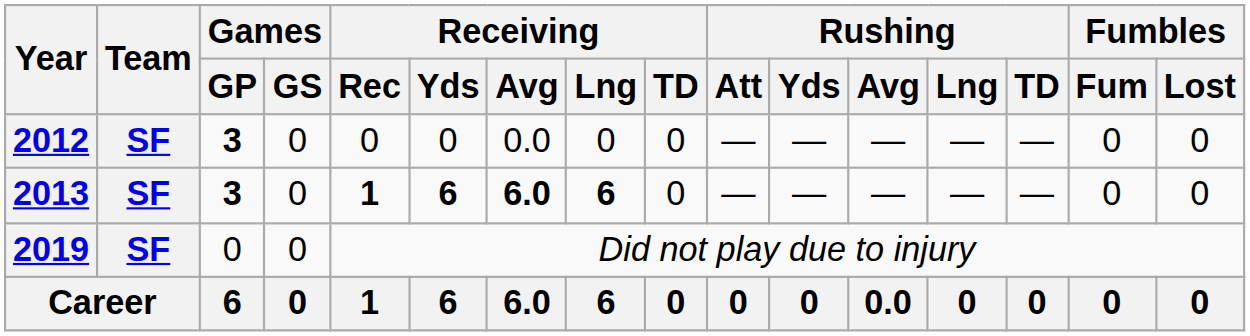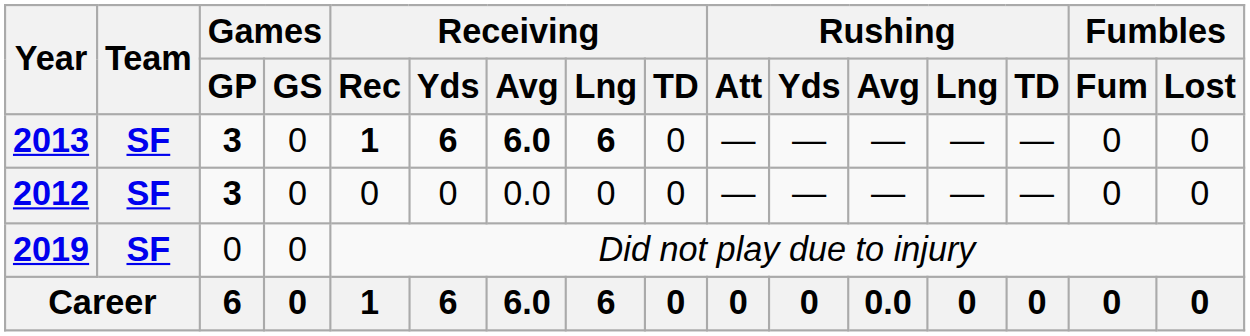 <table class="wikitable" style="text-align:center;">
 <tr>
 <th rowspan="2">Year</th>
 <th rowspan="2">Team</th>
 <th colspan="2">Games</th>
 <th colspan="5">Receiving</th>
 <th colspan="5">Rushing</th>
 <th colspan="2">Fumbles</th>
 </tr>
 <tr>
 <th>GP</th>
 <th>GS</th>
 <th>Rec</th>
 <th>Yds</th>
 <th>Avg</th>
 <th>Lng</th>
 <th>TD</th>
 <th>Att</th>
 <th>Yds</th>
 <th>Avg</th>
 <th>Lng</th>
 <th>TD</th>
 <th>Fum</th>
 <th>Lost</th>
 </tr>
 <tr>
-<th><a href='#'>2012</a></th>
+<th><a href='#'>2013</a></th>
 <th><a href='#'>SF</a></th>
 <td><strong>3</strong></td>
 <td>0</td>
-<td>0</td>
-<td>0</td>
-<td>0.0</td>
-<td>0</td>
+<td><strong>1</strong></td>
+<td><strong>6</strong></td>
+<td><strong>6.0</strong></td>
+<td><strong>6</strong></td>
 <td>0</td>
 <td>—</td>
 <td>—</td>
 <td>—</td>
 <td>—</td>
 <td>—</td>
 <td>0</td>
 <td>0</td>
 </tr>
 <tr>
-<th><a href='#'>2013</a></th>
+<th><a href='#'>2012</a></th>
 <th><a href='#'>SF</a></th>
 <td><strong>3</strong></td>
 <td>0</td>
-<td><strong>1</strong></td>
-<td><strong>6</strong></td>
-<td><strong>6.0</strong></td>
-<td><strong>6</strong></td>
+<td>0</td>
+<td>0</td>
+<td>0.0</td>
+<td>0</td>
 <td>0</td>
 <td>—</td>
 <td>—</td>
 <td>—</td>
 <td>—</td>
 <td>—</td>
 <td>0</td>
 <td>0</td>
 </tr>
 <tr>
 <th><a href='#'>2019</a></th>
 <th><a href='#'>SF</a></th>
 <td>0</td>
 <td>0</td>
 <td colspan="12"><em>Did not play due to injury</em></td>
 </tr>
 <tr>
 <th colspan="2">Career</th>
 <th>6</th>
 <th>0</th>
 <th>1</th>
 <th>6</th>
 <th>6.0</th>
 <th>6</th>
 <th>0</th>
 <th>0</th>
 <th>0</th>
 <th>0.0</th>
 <th>0</th>
 <th>0</th>
 <th>0</th>
 <th>0</th>
 </tr>
 </table>
